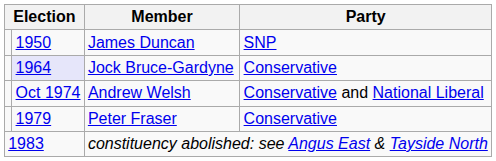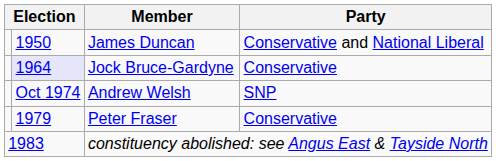 <table class="wikitable">
 <tr>
 <th colspan="2">Election</th>
 <th>Member</th>
 <th>Party</th>
 </tr>
 <tr>
 <td style="color:inherit;background-color: "></td>
 <td><a href='#'>1950</a></td>
 <td><a href='#'>James Duncan</a></td>
-<td><a href='#'>SNP</a></td>
+<td><a href='#'>Conservative</a> and <a href='#'>National Liberal</a></td>
 </tr>
 <tr>
 <td style="color:inherit;background-color: "></td>
 <td style="background: lavender;"><a href='#'>1964</a></td>
 <td><a href='#'>Jock Bruce-Gardyne</a></td>
 <td><a href='#'>Conservative</a></td>
 </tr>
 <tr>
 <td style="color:inherit;background-color: "></td>
 <td><a href='#'>Oct 1974</a></td>
 <td><a href='#'>Andrew Welsh</a></td>
-<td><a href='#'>Conservative</a> and <a href='#'>National Liberal</a></td>
+<td><a href='#'>SNP</a></td>
 </tr>
 <tr>
 <td style="color:inherit;background-color: "></td>
 <td><a href='#'>1979</a></td>
 <td><a href='#'>Peter Fraser</a></td>
 <td><a href='#'>Conservative</a></td>
 </tr>
 <tr>
 <td colspan="2"><a href='#'>1983</a></td>
 <td colspan="3"><em>constituency abolished: see <a href='#'>Angus East</a> & <a href='#'>Tayside North</a></em></td>
 </tr>
 </table>
